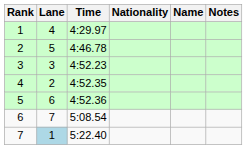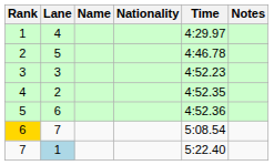 <table class="wikitable sortable" style="text-align:center">
 <tr>
 <th>Rank</th>
 <th>Lane</th>
+<th>Name</th>
+<th>Nationality</th>
 <th>Time</th>
-<th>Nationality</th>
-<th>Name</th>
 <th>Notes</th>
 </tr>
 <tr bgcolor=ccffcc>
 <td>1</td>
 <td>4</td>
-<td>4:29.97</td>
 <td align=left></td>
 <td align=left></td>
+<td>4:29.97</td>
 <td><strong></strong></td>
 </tr>
 <tr bgcolor=ccffcc>
 <td>2</td>
 <td>5</td>
-<td>4:46.78</td>
 <td align=left></td>
 <td align=left></td>
+<td>4:46.78</td>
 <td><strong></strong></td>
 </tr>
 <tr bgcolor=ccffcc>
 <td>3</td>
 <td>3</td>
-<td>4:52.23</td>
 <td align=left></td>
 <td align=left></td>
+<td>4:52.23</td>
 <td><strong></strong></td>
 </tr>
 <tr bgcolor=ccffcc>
 <td>4</td>
 <td>2</td>
-<td>4:52.35</td>
 <td align=left></td>
 <td align=left></td>
+<td>4:52.35</td>
 <td><strong></strong></td>
 </tr>
 <tr bgcolor=ccffcc>
 <td>5</td>
 <td>6</td>
-<td>4:52.36</td>
 <td align=left></td>
 <td align=left></td>
+<td>4:52.36</td>
 <td><strong></strong></td>
 </tr>
 <tr>
-<td>6</td>
+<td style="background: gold;">6</td>
 <td>7</td>
-<td>5:08.54</td>
 <td align=left></td>
 <td align=left></td>
+<td>5:08.54</td>
 <td></td>
 </tr>
 <tr>
 <td>7</td>
 <td style="background: lightblue;">1</td>
-<td>5:22.40</td>
 <td align=left></td>
 <td align=left></td>
+<td>5:22.40</td>
 <td></td>
 </tr>
 </table>
